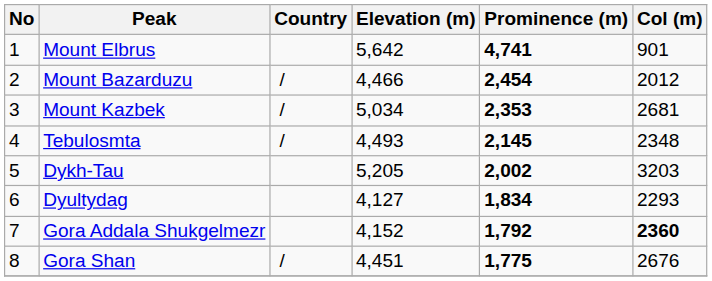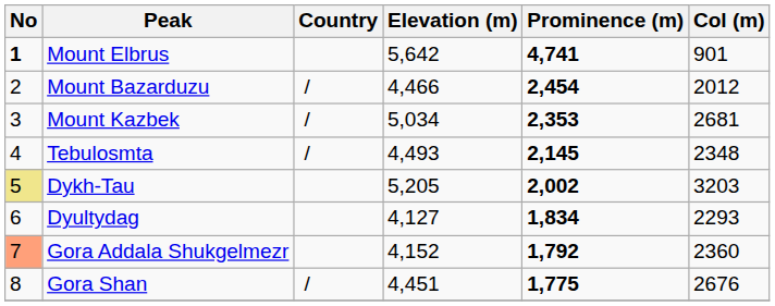 <table class="wikitable sortable">
 <tr>
 <th>No</th>
 <th>Peak</th>
 <th>Country</th>
 <th>Elevation (m)</th>
 <th>Prominence (m)</th>
 <th>Col (m)</th>
 </tr>
 <tr>
-<td>1</td>
+<td><strong>1</strong></td>
 <td><a href='#'>Mount Elbrus</a></td>
 <td></td>
 <td>5,642</td>
 <td><strong>4,741</strong></td>
 <td>901</td>
 </tr>
 <tr>
 <td>2</td>
 <td><a href='#'>Mount Bazarduzu</a></td>
 <td> / </td>
 <td>4,466</td>
 <td><strong>2,454</strong></td>
 <td>2012</td>
 </tr>
 <tr>
 <td>3</td>
 <td><a href='#'>Mount Kazbek</a></td>
 <td> / </td>
 <td>5,034</td>
 <td><strong>2,353</strong></td>
 <td>2681</td>
 </tr>
 <tr>
 <td>4</td>
 <td><a href='#'>Tebulosmta</a></td>
 <td> / </td>
 <td>4,493</td>
 <td><strong>2,145</strong></td>
 <td>2348</td>
 </tr>
 <tr>
-<td>5</td>
+<td style="background: khaki;">5</td>
 <td><a href='#'>Dykh-Tau</a></td>
 <td></td>
 <td>5,205</td>
 <td><strong>2,002</strong></td>
 <td>3203</td>
 </tr>
 <tr>
 <td>6</td>
 <td><a href='#'>Dyultydag</a></td>
 <td></td>
 <td>4,127</td>
 <td><strong>1,834</strong></td>
 <td>2293</td>
 </tr>
 <tr>
-<td>7</td>
+<td style="background: lightsalmon;">7</td>
 <td><a href='#'>Gora Addala Shukgelmezr</a></td>
 <td></td>
 <td>4,152</td>
 <td><strong>1,792</strong></td>
-<td><strong>2360</strong></td>
+<td>2360</td>
 </tr>
 <tr>
 <td>8</td>
 <td><a href='#'>Gora Shan</a></td>
 <td> / </td>
 <td>4,451</td>
 <td><strong>1,775</strong></td>
 <td>2676</td>
 </tr>
 <tr>
 </tr>
 </table>
